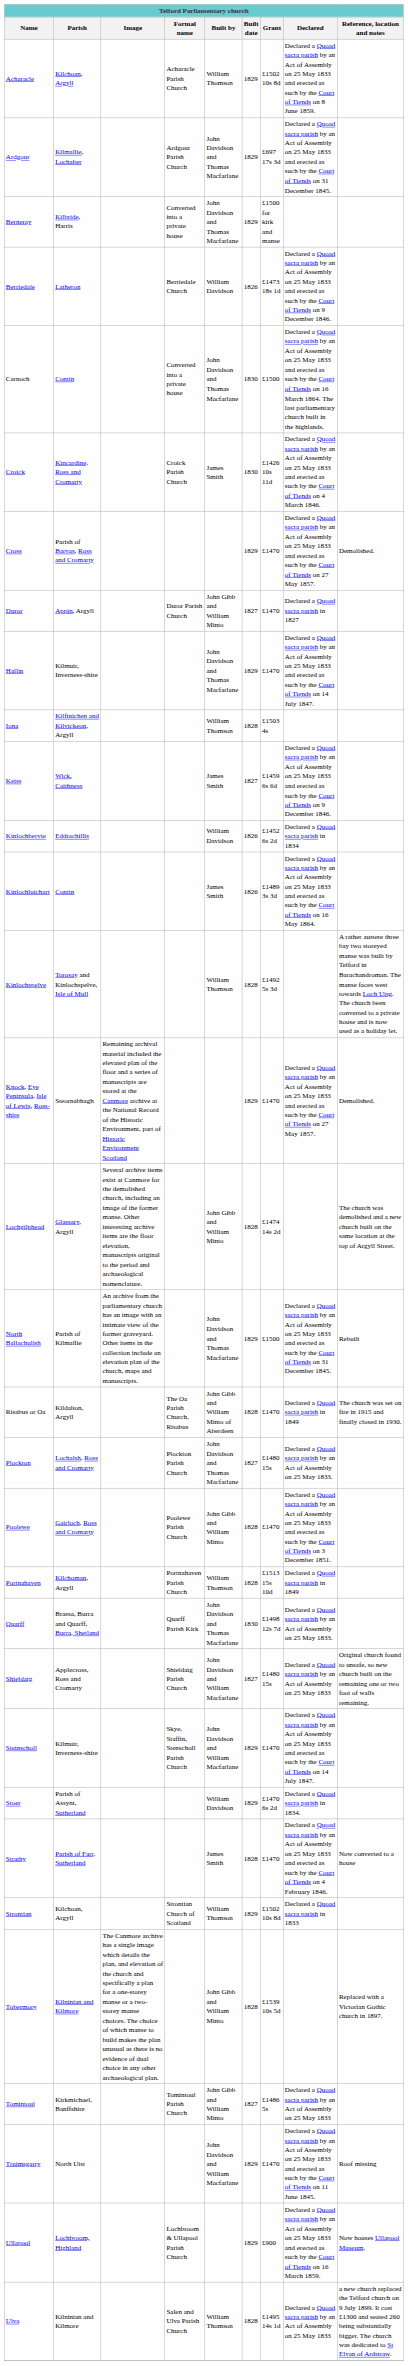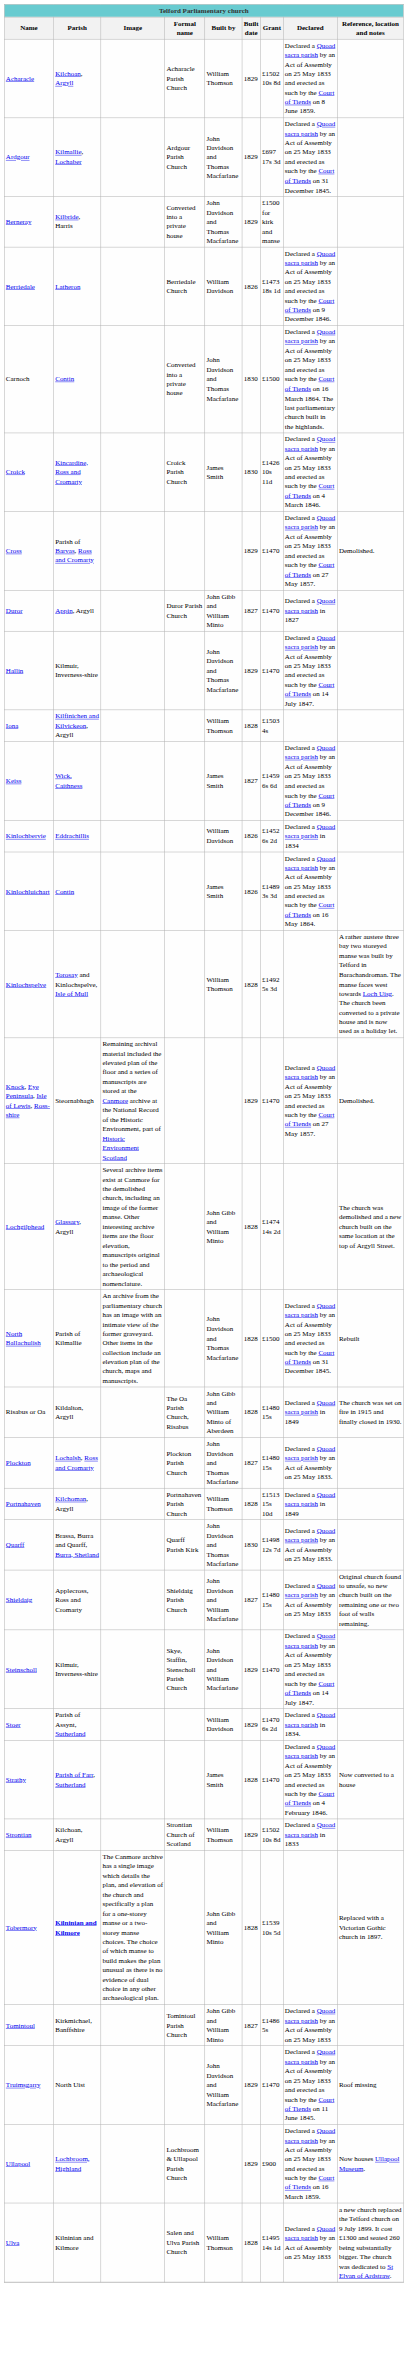 <table class="wikitable sortable" style="table-layout:fixed;background-color:#FEFEFE;font-size:95%;padding:0.30em;line-height:1.35em;">
 <tr>
 <th colspan="9" style="text-align: center; background-color:#68cbd0; color:#333333;">Telford Parliamentary church</th>
 </tr>
 <tr>
 <th scope="col">Name</th>
 <th scope="col">Parish</th>
 <th scope="col">Image</th>
 <th scope="col">Formal name</th>
 <th scope="col">Built by</th>
 <th scope="col">Built date</th>
 <th scope="col">Grant</th>
 <th scope="col">Declared</th>
 <th scope="col">Reference, location and notes</th>
 </tr>
 <tr>
 <td><a href='#'>Acharacle</a></td>
 <td><a href='#'>Kilchoan</a>, <a href='#'>Argyll</a></td>
 <td></td>
 <td>Acharacle Parish Church</td>
 <td>William Thomson</td>
 <td>1829</td>
 <td>£1502 10s 8d</td>
 <td>Declared a <a href='#'>Quoad sacra parish</a> by an Act of Assembly on 25 May 1833 and erected as such by the <a href='#'>Court of Tiends</a> on 8 June 1859.</td>
 <td></td>
 </tr>
 <tr>
 <td><a href='#'>Ardgour</a></td>
 <td><a href='#'>Kilmallie</a>, <a href='#'>Lochaber</a></td>
 <td></td>
 <td>Ardgour Parish Church</td>
 <td>John Davidson and Thomas Macfarlane</td>
 <td>1829</td>
 <td>£697 17s 3d</td>
 <td>Declared a <a href='#'>Quoad sacra parish</a> by an Act of Assembly on 25 May 1833 and erected as such by the <a href='#'>Court of Tiends</a> on 31 December 1845.</td>
 <td></td>
 </tr>
 <tr>
 <td><a href='#'>Berneray</a></td>
 <td><a href='#'>Kilbride</a>, Harris</td>
 <td></td>
 <td>Converted into a private house</td>
 <td>John Davidson and Thomas Macfarlane</td>
 <td>1829</td>
 <td>£1500 for kirk and manse</td>
 <td></td>
 <td>  </td>
 </tr>
 <tr>
 <td><a href='#'>Berriedale</a></td>
 <td><a href='#'>Latheron</a></td>
 <td></td>
 <td>Berriedale Church</td>
 <td>William Davidson</td>
 <td>1826</td>
 <td>£1473 18s 1d</td>
 <td>Declared a <a href='#'>Quoad sacra parish</a> by an Act of Assembly on 25 May 1833 and erected as such by the <a href='#'>Court of Tiends</a> on 9 December 1846.</td>
 <td></td>
 </tr>
 <tr>
 <td>Carnoch</td>
 <td><a href='#'>Contin</a></td>
 <td></td>
 <td>Converted into a private house</td>
 <td>John Davidson and Thomas Macfarlane</td>
 <td>1830</td>
 <td>£1500</td>
 <td>Declared a <a href='#'>Quoad sacra parish</a> by an Act of Assembly on 25 May 1833 and erected as such by the <a href='#'>Court of Tiends</a> on 16 March 1864. The last parliamentary church built in the highlands.</td>
 <td></td>
 </tr>
 <tr>
 <td><a href='#'>Croick</a></td>
 <td><a href='#'>Kincardine, Ross and Cromarty</a></td>
 <td></td>
 <td>Croick Parish Church</td>
 <td>James Smith</td>
 <td>1830</td>
 <td>£1426 10s 11d</td>
 <td>Declared a <a href='#'>Quoad sacra parish</a> by an Act of Assembly on 25 May 1833 and erected as such by the <a href='#'>Court of Tiends</a> on 4 March 1846.</td>
 <td></td>
 </tr>
 <tr>
 <td><a href='#'>Cross</a></td>
 <td>Parish of <a href='#'>Barvas</a>, <a href='#'>Ross and Cromarty</a></td>
 <td></td>
 <td></td>
 <td></td>
 <td>1829</td>
 <td>£1470</td>
 <td>Declared a <a href='#'>Quoad sacra parish</a> by an Act of Assembly on 25 May 1833 and erected as such by the <a href='#'>Court of Tiends</a> on 27 May 1857.</td>
 <td>Demolished.</td>
 </tr>
 <tr>
 <td><a href='#'>Duror</a></td>
 <td><a href='#'>Appin</a>, Argyll</td>
 <td></td>
 <td>Duror Parish Church</td>
 <td>John Gibb and William Minto</td>
 <td>1827</td>
 <td>£1470</td>
 <td>Declared a <a href='#'>Quoad sacra parish</a> in 1827</td>
 <td> </td>
 </tr>
 <tr>
 <td><a href='#'>Hallin</a></td>
 <td>Kilmuir, Inverness-shire</td>
 <td></td>
 <td></td>
 <td>John Davidson and Thomas Macfarlane</td>
 <td>1829</td>
 <td>£1470</td>
 <td>Declared a <a href='#'>Quoad sacra parish</a> by an Act of Assembly on 25 May 1833 and erected as such by the <a href='#'>Court of Tiends</a> on 14 July 1847.</td>
 <td></td>
 </tr>
 <tr>
 <td><a href='#'>Iona</a></td>
 <td><a href='#'>Kilfinichen and Kilvickeon</a>, Argyll</td>
 <td></td>
 <td></td>
 <td>William Thomson</td>
 <td>1828</td>
 <td>£1503 4s</td>
 <td></td>
 <td></td>
 </tr>
 <tr>
 <td><a href='#'>Keiss</a></td>
 <td><a href='#'>Wick, Caithness</a></td>
 <td></td>
 <td></td>
 <td>James Smith</td>
 <td>1827</td>
 <td>£1459 6s 6d</td>
 <td>Declared a <a href='#'>Quoad sacra parish</a> by an Act of Assembly on 25 May 1833 and erected as such by the <a href='#'>Court of Tiends</a> on 9 December 1846.</td>
 <td></td>
 </tr>
 <tr>
 <td><a href='#'>Kinlochbervie</a></td>
 <td><a href='#'>Eddrachillis</a></td>
 <td></td>
 <td></td>
 <td>William Davidson</td>
 <td>1826</td>
 <td>£1452 6s 2d</td>
 <td>Declared a <a href='#'>Quoad sacra parish</a> in 1834</td>
 <td> </td>
 </tr>
 <tr>
 <td><a href='#'>Kinlochluichart</a></td>
 <td><a href='#'>Contin</a></td>
 <td></td>
 <td></td>
 <td>James Smith</td>
 <td>1826</td>
 <td>£1489 3s 3d</td>
 <td>Declared a <a href='#'>Quoad sacra parish</a> by an Act of Assembly on 25 May 1833 and erected as such by the <a href='#'>Court of Tiends</a> on 16 May 1864.</td>
 <td></td>
 </tr>
 <tr>
 <td><a href='#'>Kinlochspelve</a></td>
 <td><a href='#'>Torosay</a> and Kinlochspelve, <a href='#'>Isle of Mull</a></td>
 <td></td>
 <td></td>
 <td>William Thomson</td>
 <td>1828</td>
 <td>£1492 5s 3d</td>
 <td></td>
 <td> A rather austere three bay two storeyed manse was built by Telford in Barachandroman. The manse faces west towards <a href='#'>Loch Uisg</a>.  The church been converted to a private house and is now used as a holiday let.</td>
 </tr>
 <tr>
 <td><a href='#'>Knock</a>, <a href='#'>Eye Peninsula</a>, <a href='#'>Isle of Lewis</a>, <a href='#'>Ross-shire</a></td>
 <td>Steornabhagh</td>
 <td>Remaining archival material included the elevated plan of the floor and a series of manuscripts are stored at the <a href='#'>Canmore</a> archive at the National Record of the Historic Environment, part of <a href='#'>Historic Environment Scotland</a></td>
 <td></td>
 <td></td>
 <td>1829</td>
 <td>£1470</td>
 <td>Declared a <a href='#'>Quoad sacra parish</a> by an Act of Assembly on 25 May 1833 and erected as such by the <a href='#'>Court of Tiends</a> on 27 May 1857.</td>
 <td> Demolished.</td>
 </tr>
 <tr>
 <td><a href='#'>Lochgilphead</a></td>
 <td><a href='#'>Glassary</a>, Argyll</td>
 <td>Several archive items exist at Canmore for the demolished church, including an image of the former manse. Other interesting archive items are the floor elevation, manuscripts  original to the period and archaeological nomenclature.</td>
 <td></td>
 <td>John Gibb and William Minto</td>
 <td>1828</td>
 <td>£1474 14s 2d</td>
 <td></td>
 <td> The church was demolished and a new church built on the same location at the top of Argyll Street.</td>
 </tr>
 <tr>
 <td><a href='#'>North Ballachulish</a></td>
 <td>Parish of Kilmallie</td>
 <td>An archive from the parliamentary church has an image with an intimate view of the former graveyard. Other items in the collection include an elevation plan of the church, maps and manuscripts.</td>
 <td></td>
 <td>John Davidson and Thomas Macfarlane</td>
-<td>1829</td>
+<td>1828</td>
 <td>£1500</td>
 <td>Declared a <a href='#'>Quoad sacra parish</a> by an Act of Assembly on 25 May 1833 and erected as such by the <a href='#'>Court of Tiends</a> on 31 December 1845.</td>
 <td> Rebuilt</td>
 </tr>
 <tr>
 <td>Risabus or Oa</td>
 <td>Kildalton, Argyll</td>
 <td></td>
 <td>The Oa Parish Church, Risabus</td>
 <td>John Gibb and William Minto of Aberdeen</td>
 <td>1828</td>
-<td>£1470</td>
+<td>£1480 15s</td>
 <td>Declared a <a href='#'>Quoad sacra parish</a> in 1849</td>
 <td> The church was set on fire in 1915 and finally closed in 1930.</td>
 </tr>
 <tr>
 <td><a href='#'>Plockton</a></td>
 <td><a href='#'>Lochalsh</a>, <a href='#'>Ross and Cromarty</a></td>
 <td></td>
 <td>Plockton Parish Church</td>
 <td>John Davidson and Thomas Macfarlane</td>
 <td>1827</td>
 <td>£1480 15s</td>
 <td>Declared a <a href='#'>Quoad sacra parish</a> by an Act of Assembly on 25 May 1833.</td>
-<td></td>
-</tr>
-<tr>
-<td><a href='#'>Poolewe</a></td>
-<td><a href='#'>Gairloch</a>, <a href='#'>Ross and Cromarty</a></td>
-<td></td>
-<td>Poolewe Parish Church</td>
-<td>John Gibb and William Minto</td>
-<td>1828</td>
-<td>£1470</td>
-<td>Declared a <a href='#'>Quoad sacra parish</a> by an Act of Assembly on 25 May 1833 and erected as such by the <a href='#'>Court of Tiends</a> on 3 December 1851.</td>
 <td></td>
 </tr>
 <tr>
 <td><a href='#'>Portnahaven</a></td>
 <td><a href='#'>Kilchoman</a>, Argyll</td>
 <td></td>
 <td>Portnahaven Parish Church</td>
 <td>William Thomson</td>
 <td>1828</td>
 <td>£1513 15s 10d</td>
 <td>Declared a <a href='#'>Quoad sacra parish</a> in 1849</td>
 <td> </td>
 </tr>
 <tr>
 <td><a href='#'>Quarff</a></td>
 <td>Brassa, Burra and Quarff, <a href='#'>Burra, Shetland</a></td>
 <td></td>
 <td>Quarff Parish Kirk</td>
 <td>John Davidson and Thomas Macfarlane</td>
 <td>1830</td>
 <td>£1498 12s 7d</td>
 <td>Declared a <a href='#'>Quoad sacra parish</a> by an Act of Assembly on 25 May 1833.</td>
 <td></td>
 </tr>
 <tr>
 <td><a href='#'>Shieldaig</a></td>
 <td>Applecross, Ross and Cromarty</td>
 <td></td>
 <td>Shieldaig Parish Church</td>
 <td>John Davidson and William Macfarlane</td>
 <td>1827</td>
 <td>£1480 15s</td>
 <td>Declared a <a href='#'>Quoad sacra parish</a> by an Act of Assembly on 25 May 1833</td>
 <td> Original church found to unsafe, so new church built on the remaining one or two foot of walls remaining.</td>
 </tr>
 <tr>
 <td><a href='#'>Steinscholl</a></td>
 <td>Kilmuir, Inverness-shire</td>
 <td></td>
 <td>Skye, Staffin, Stenscholl Parish Church</td>
 <td>John Davidson and William Macfarlane</td>
 <td>1829</td>
 <td>£1470</td>
 <td>Declared a <a href='#'>Quoad sacra parish</a> by an Act of Assembly on 25 May 1833 and erected as such by the <a href='#'>Court of Tiends</a> on 14 July 1847.</td>
 <td></td>
 </tr>
 <tr>
 <td><a href='#'>Stoer</a></td>
 <td>Parish of Assynt, <a href='#'>Sutherland</a></td>
 <td></td>
 <td></td>
 <td>William Davidson</td>
 <td>1829</td>
 <td>£1470 6s 2d</td>
 <td>Declared a <a href='#'>Quoad sacra parish</a> in 1834.</td>
 <td></td>
 </tr>
 <tr>
 <td><a href='#'>Strathy</a></td>
 <td><a href='#'>Parish of Farr</a>, <a href='#'>Sutherland</a></td>
 <td></td>
 <td></td>
 <td>James Smith</td>
 <td>1828</td>
 <td>£1470</td>
 <td>Declared a <a href='#'>Quoad sacra parish</a> by an Act of Assembly on 25 May 1833 and erected as such by the <a href='#'>Court of Tiends</a> on 4 February 1846.</td>
 <td> Now converted to a house</td>
 </tr>
 <tr>
 <td><a href='#'>Strontian</a></td>
 <td>Kilchoan, Argyll</td>
 <td></td>
 <td>Strontian Church of Scotland</td>
 <td>William Thomson</td>
 <td>1829</td>
 <td>£1502 10s 8d</td>
 <td>Declared a <a href='#'>Quoad sacra parish</a> in 1833</td>
 <td>  </td>
 </tr>
 <tr>
 <td><a href='#'>Tobermory</a></td>
-<td><a href='#'>Kilninian and Kilmore</a></td>
+<td><strong><a href='#'>Kilninian and Kilmore</a></strong></td>
 <td>The Canmore archive has a single image which details the plan, and elevation of the church and specifically a plan for a one-storey manse or a two-storey manse choices. The choice of which manse to build makes the plan unusual as there is no evidence of dual choice in any other archaeological plan.</td>
 <td></td>
 <td>John Gibb and William Minto</td>
 <td>1828</td>
 <td>£1539 10s 5d</td>
 <td></td>
 <td> Replaced with a Victorian Gothic church in 1897.</td>
 </tr>
 <tr>
 <td><a href='#'>Tomintoul</a></td>
 <td>Kirkmichael, Banffshire</td>
 <td></td>
 <td>Tomintoul Parish Church</td>
 <td>John Gibb and William Minto</td>
 <td>1827</td>
 <td>£1486 5s</td>
 <td>Declared a <a href='#'>Quoad sacra parish</a> by an Act of Assembly on 25 May 1833</td>
 <td> </td>
 </tr>
 <tr>
 <td><a href='#'>Truimsgarry</a></td>
 <td>North Uist</td>
 <td></td>
 <td></td>
 <td>John Davidson and William Macfarlane</td>
 <td>1829</td>
 <td>£1470</td>
 <td>Declared a <a href='#'>Quoad sacra parish</a> by an Act of Assembly on 25 May 1833 and erected as such by the <a href='#'>Court of Tiends</a> on 11 June 1845.</td>
 <td> Roof missing</td>
 </tr>
 <tr>
 <td><a href='#'>Ullapool</a></td>
 <td><a href='#'>Lochbroom, Highland</a></td>
 <td></td>
 <td>Lochbroom & Ullapool Parish Church</td>
 <td></td>
 <td>1829</td>
 <td>£900</td>
 <td>Declared a <a href='#'>Quoad sacra parish</a> by an Act of Assembly on 25 May 1833 and erected as such by the <a href='#'>Court of Tiends</a> on 16 March 1859.</td>
 <td> Now houses <a href='#'>Ullapool Museum</a>.</td>
 </tr>
 <tr>
 <td><a href='#'>Ulva</a></td>
 <td>Kilninian and Kilmore</td>
 <td></td>
 <td>Salen and Ulva Parish Church</td>
 <td>William Thomson</td>
 <td>1828</td>
 <td>£1495 14s 1d</td>
 <td>Declared a <a href='#'>Quoad sacra parish</a> by an Act of Assembly on 25 May 1833</td>
 <td> a new church replaced the Telford church on 9 July 1899. It cost £1300 and seated 260 being substantially bigger. The church was dedicated to <a href='#'>St Elvan of Ardstraw</a>.</td>
 </tr>
 <tr>
 </tr>
 </table>
